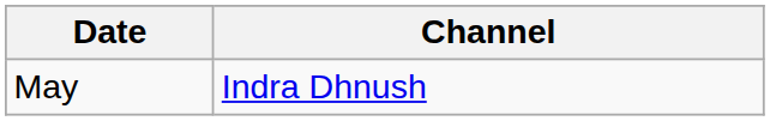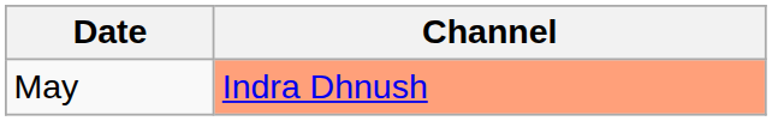 <table class="wikitable">
 <tr>
 <th width=90>Date</th>
 <th width=250>Channel</th>
 </tr>
 <tr>
 <td>May</td>
-<td><a href='#'>Indra Dhnush</a></td>
+<td style="background: lightsalmon;"><a href='#'>Indra Dhnush</a></td>
 </tr>
 </table>
